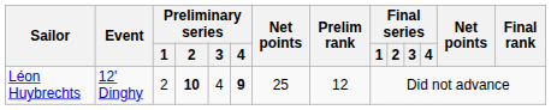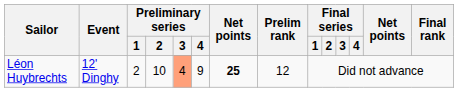 <table class="wikitable" style="text-align:center">
 <tr>
 <th rowspan="2">Sailor</th>
 <th rowspan="2">Event</th>
 <th colspan=4>Preliminary series</th>
 <th rowspan=2>Net points</th>
 <th rowspan=2>Prelim rank</th>
 <th colspan=4>Final series</th>
 <th rowspan=2>Net points</th>
 <th rowspan=2>Final rank</th>
 </tr>
 <tr>
 <th>1</th>
 <th>2</th>
 <th>3</th>
 <th>4</th>
 <th>1</th>
 <th>2</th>
 <th>3</th>
 <th>4</th>
 </tr>
 <tr>
 <td align=left><a href='#'>Léon Huybrechts</a></td>
 <td align=left><a href='#'>12' Dinghy</a></td>
 <td>2</td>
-<td><strong>10 </strong></td>
-<td>4</td>
-<td><strong>9 </strong></td>
-<td>25</td>
+<td>10 </td>
+<td style="background: lightsalmon;">4</td>
+<td>9 </td>
+<td><strong>25</strong></td>
 <td>12</td>
 <td colspan=6 align=center>Did not advance</td>
 </tr>
 </table>
